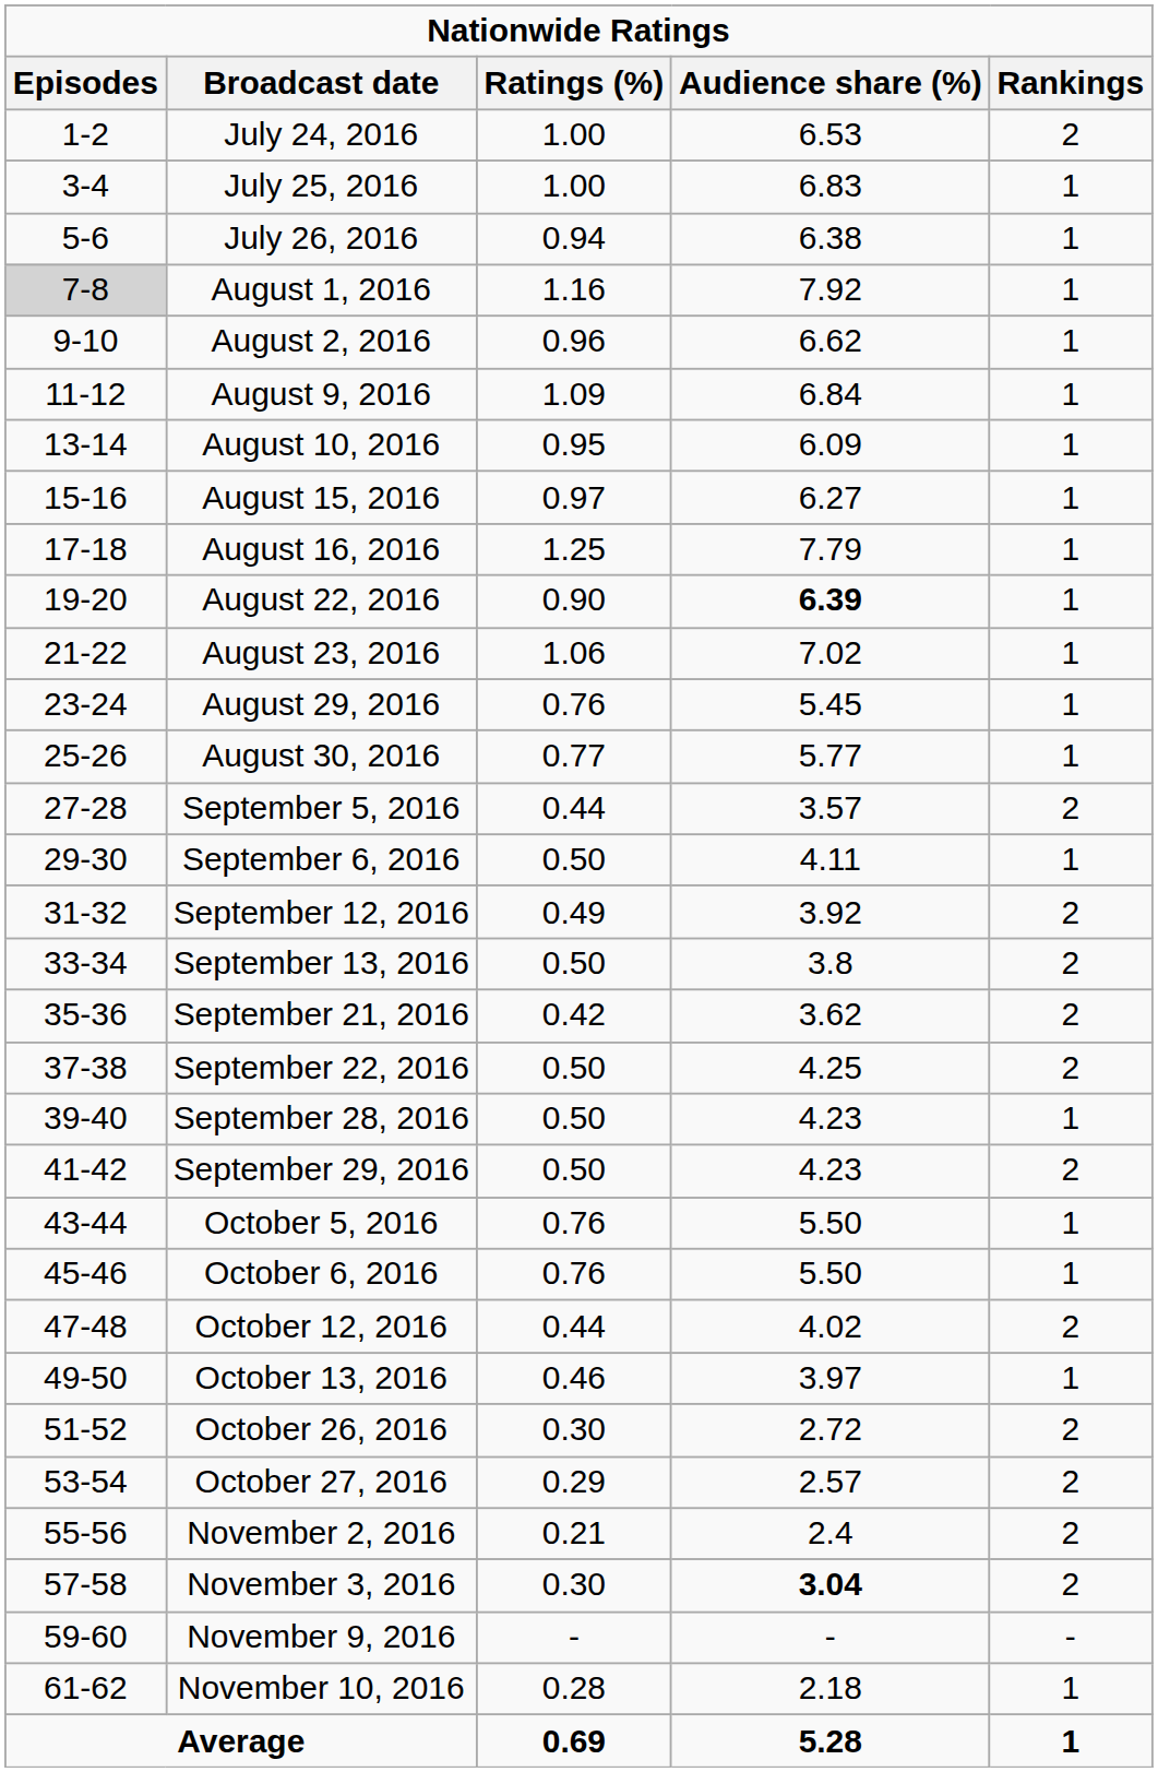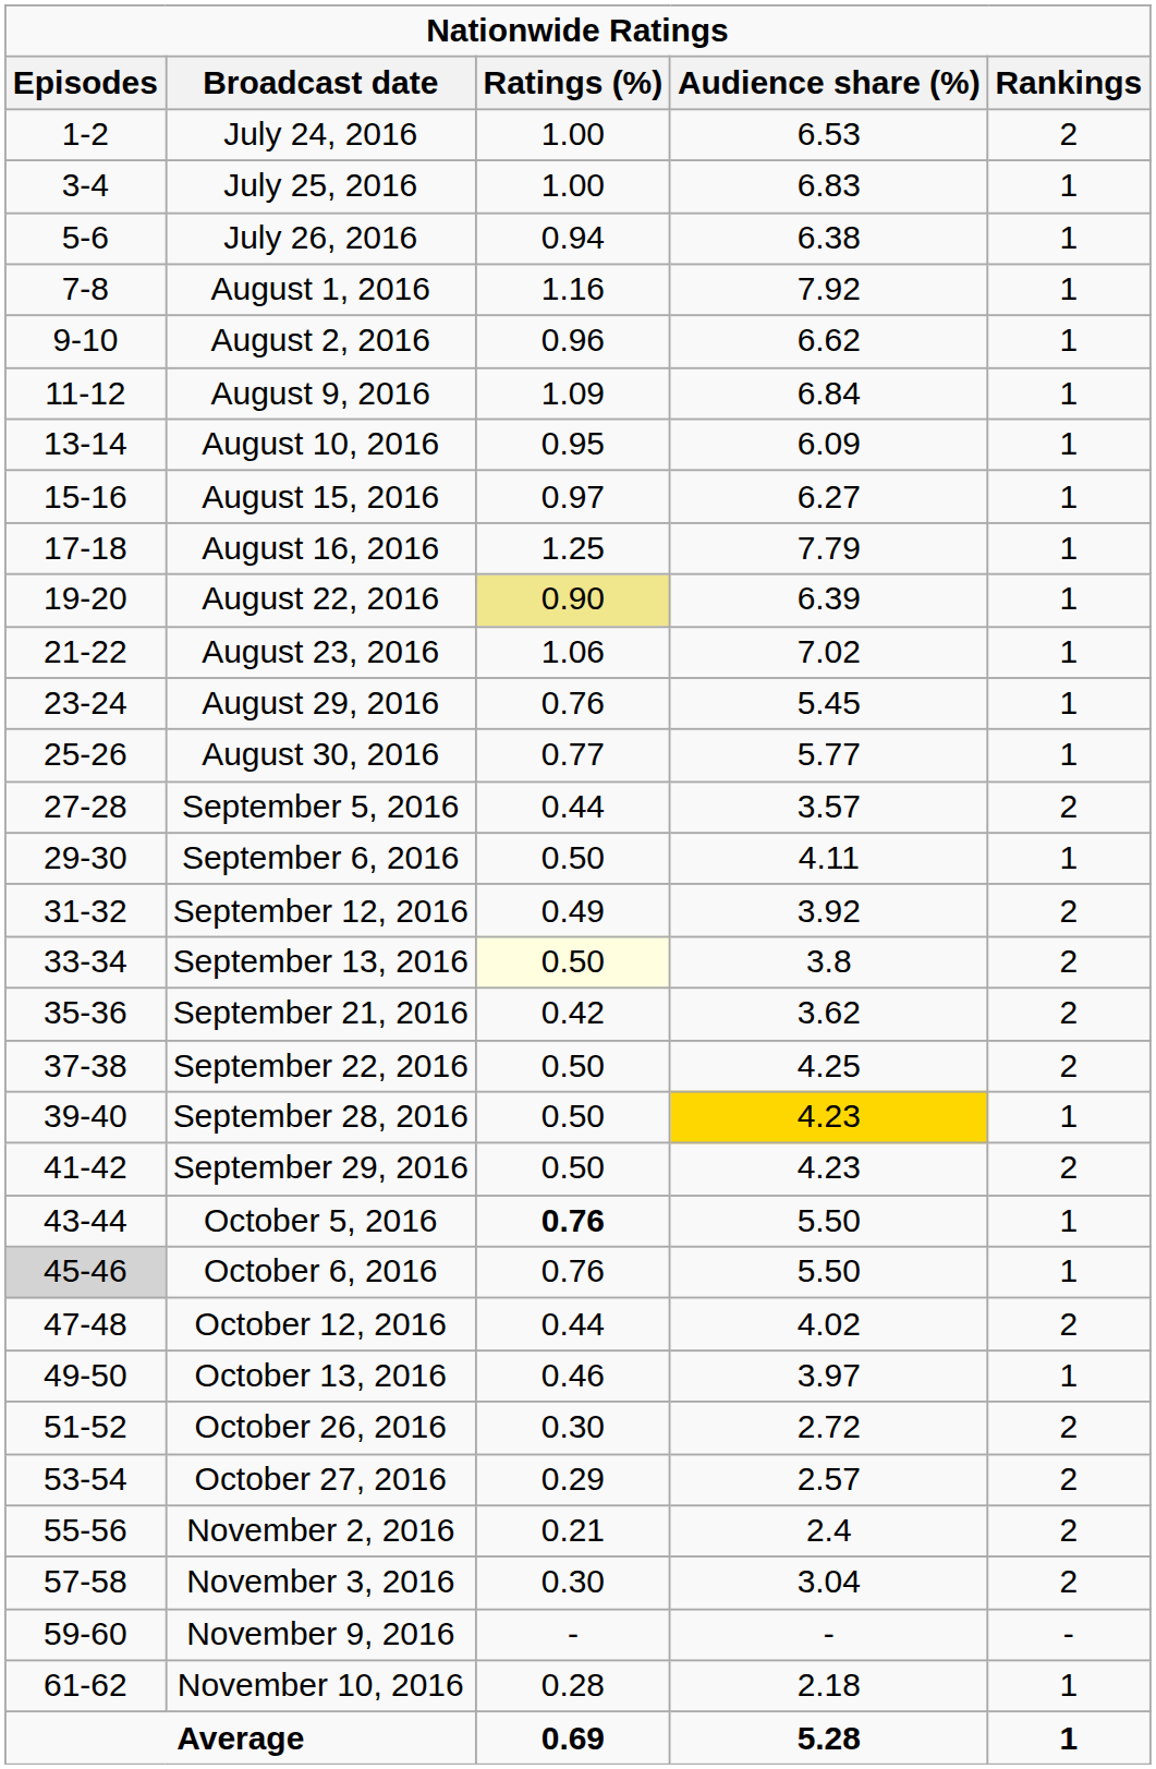 <table class="wikitable sortable mw-collapsible jquery-tablesorter" style="text-align:center">
 <tr>
 <td colspan="6"><strong>Nationwide Ratings</strong></td>
 </tr>
 <tr>
 <th>Episodes</th>
 <th>Broadcast date</th>
 <th>Ratings (%)</th>
 <th>Audience share (%)</th>
 <th>Rankings</th>
 </tr>
 <tr>
 <td>1-2</td>
 <td>July 24, 2016</td>
 <td>1.00</td>
 <td>6.53</td>
 <td>2</td>
 </tr>
 <tr>
 <td>3-4</td>
 <td>July 25, 2016</td>
 <td>1.00</td>
 <td>6.83</td>
 <td>1</td>
 </tr>
 <tr>
 <td>5-6</td>
 <td>July 26, 2016</td>
 <td>0.94</td>
 <td>6.38</td>
 <td>1</td>
 </tr>
 <tr>
-<td style="background: lightgrey;">7-8</td>
+<td>7-8</td>
 <td>August 1, 2016</td>
 <td>1.16</td>
 <td>7.92</td>
 <td>1</td>
 </tr>
 <tr>
 <td>9-10</td>
 <td>August 2, 2016</td>
 <td>0.96</td>
 <td>6.62</td>
 <td>1</td>
 </tr>
 <tr>
 <td>11-12</td>
 <td>August 9, 2016</td>
 <td>1.09</td>
 <td>6.84</td>
 <td>1</td>
 </tr>
 <tr>
 <td>13-14</td>
 <td>August 10, 2016</td>
 <td>0.95</td>
 <td>6.09</td>
 <td>1</td>
 </tr>
 <tr>
 <td>15-16</td>
 <td>August 15, 2016</td>
 <td>0.97</td>
 <td>6.27</td>
 <td>1</td>
 </tr>
 <tr>
 <td>17-18</td>
 <td>August 16, 2016</td>
 <td>1.25</td>
 <td>7.79</td>
 <td>1</td>
 </tr>
 <tr>
 <td>19-20</td>
 <td>August 22, 2016</td>
-<td>0.90</td>
-<td><strong>6.39</strong></td>
+<td style="background: khaki;">0.90</td>
+<td>6.39</td>
 <td>1</td>
 </tr>
 <tr>
 <td>21-22</td>
 <td>August 23, 2016</td>
 <td>1.06</td>
 <td>7.02</td>
 <td>1</td>
 </tr>
 <tr>
 <td>23-24</td>
 <td>August 29, 2016</td>
 <td>0.76</td>
 <td>5.45</td>
 <td>1</td>
 </tr>
 <tr>
 <td>25-26</td>
 <td>August 30, 2016</td>
 <td>0.77</td>
 <td>5.77</td>
 <td>1</td>
 </tr>
 <tr>
 <td>27-28</td>
 <td>September 5, 2016</td>
 <td>0.44</td>
 <td>3.57</td>
 <td>2</td>
 </tr>
 <tr>
 <td>29-30</td>
 <td>September 6, 2016</td>
 <td>0.50</td>
 <td>4.11</td>
 <td>1</td>
 </tr>
 <tr>
 <td>31-32</td>
 <td>September 12, 2016</td>
 <td>0.49</td>
 <td>3.92</td>
 <td>2</td>
 </tr>
 <tr>
 <td>33-34</td>
 <td>September 13, 2016</td>
-<td>0.50</td>
+<td style="background: lightyellow;">0.50</td>
 <td>3.8</td>
 <td>2</td>
 </tr>
 <tr>
 <td>35-36</td>
 <td>September 21, 2016</td>
 <td>0.42</td>
 <td>3.62</td>
 <td>2</td>
 </tr>
 <tr>
 <td>37-38</td>
 <td>September 22, 2016</td>
 <td>0.50</td>
 <td>4.25</td>
 <td>2</td>
 </tr>
 <tr>
 <td>39-40</td>
 <td>September 28, 2016</td>
 <td>0.50</td>
-<td>4.23</td>
+<td style="background: gold;">4.23</td>
 <td>1</td>
 </tr>
 <tr>
 <td>41-42</td>
 <td>September 29, 2016</td>
 <td>0.50</td>
 <td>4.23</td>
 <td>2</td>
 </tr>
 <tr>
 <td>43-44</td>
 <td>October 5, 2016</td>
-<td>0.76</td>
+<td><strong>0.76</strong></td>
 <td>5.50</td>
 <td>1</td>
 </tr>
 <tr>
-<td>45-46</td>
+<td style="background: lightgrey;">45-46</td>
 <td>October 6, 2016</td>
 <td>0.76</td>
 <td>5.50</td>
 <td>1</td>
 </tr>
 <tr>
 <td>47-48</td>
 <td>October 12, 2016</td>
 <td>0.44</td>
 <td>4.02</td>
 <td>2</td>
 </tr>
 <tr>
 <td>49-50</td>
 <td>October 13, 2016</td>
 <td>0.46</td>
 <td>3.97</td>
 <td>1</td>
 </tr>
 <tr>
 <td>51-52</td>
 <td>October 26, 2016</td>
 <td>0.30</td>
 <td>2.72</td>
 <td>2</td>
 </tr>
 <tr>
 <td>53-54</td>
 <td>October 27, 2016</td>
 <td>0.29</td>
 <td>2.57</td>
 <td>2</td>
 </tr>
 <tr>
 <td>55-56</td>
 <td>November 2, 2016</td>
 <td>0.21</td>
 <td>2.4</td>
 <td>2</td>
 </tr>
 <tr>
 <td>57-58</td>
 <td>November 3, 2016</td>
 <td>0.30</td>
-<td><strong>3.04</strong></td>
+<td>3.04</td>
 <td>2</td>
 </tr>
 <tr>
 <td>59-60</td>
 <td>November 9, 2016</td>
 <td>-</td>
 <td>-</td>
 <td>-</td>
 </tr>
 <tr>
 <td>61-62</td>
 <td>November 10, 2016</td>
 <td>0.28</td>
 <td>2.18</td>
 <td>1</td>
 </tr>
 <tr>
 <td colspan=2><strong>Average</strong></td>
 <td><strong>0.69</strong></td>
 <td><strong>5.28</strong></td>
 <td><strong>1</strong></td>
 </tr>
 </table>
